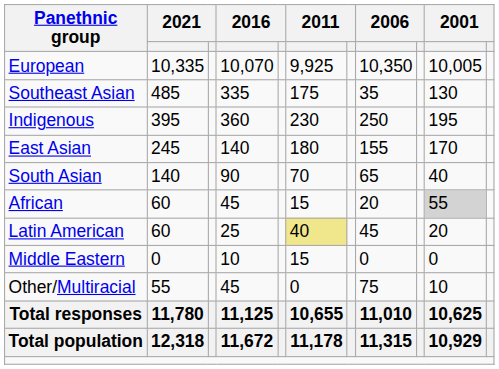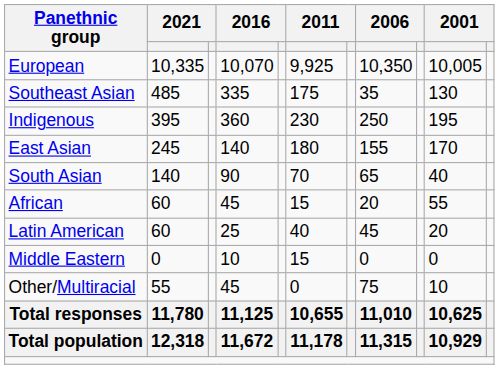 <table class="wikitable collapsible sortable">
 <tr>
 <th rowspan="2"><a href='#'>Panethnic</a><br>group</th>
 <th colspan="2">2021</th>
 <th colspan="2">2016</th>
 <th colspan="2">2011</th>
 <th colspan="2">2006</th>
 <th colspan="2">2001</th>
 </tr>
 <tr>
 <th><a href='#'></a></th>
 <th></th>
 <th></th>
 <th></th>
 <th></th>
 <th></th>
 <th></th>
 <th></th>
 <th></th>
 <th></th>
 </tr>
 <tr>
 <td><a href='#'>European</a></td>
 <td>10,335</td>
 <td></td>
 <td>10,070</td>
 <td></td>
 <td>9,925</td>
 <td></td>
 <td>10,350</td>
 <td></td>
 <td>10,005</td>
 <td></td>
 </tr>
 <tr>
 <td><a href='#'>Southeast Asian</a></td>
 <td>485</td>
 <td></td>
 <td>335</td>
 <td></td>
 <td>175</td>
 <td></td>
 <td>35</td>
 <td></td>
 <td>130</td>
 <td></td>
 </tr>
 <tr>
 <td><a href='#'>Indigenous</a></td>
 <td>395</td>
 <td></td>
 <td>360</td>
 <td></td>
 <td>230</td>
 <td></td>
 <td>250</td>
 <td></td>
 <td>195</td>
 <td></td>
 </tr>
 <tr>
 <td><a href='#'>East Asian</a></td>
 <td>245</td>
 <td></td>
 <td>140</td>
 <td></td>
 <td>180</td>
 <td></td>
 <td>155</td>
 <td></td>
 <td>170</td>
 <td></td>
 </tr>
 <tr>
 <td><a href='#'>South Asian</a></td>
 <td>140</td>
 <td></td>
 <td>90</td>
 <td></td>
 <td>70</td>
 <td></td>
 <td>65</td>
 <td></td>
 <td>40</td>
 <td></td>
 </tr>
 <tr>
 <td><a href='#'>African</a></td>
 <td>60</td>
 <td></td>
 <td>45</td>
 <td></td>
 <td>15</td>
 <td></td>
 <td>20</td>
 <td></td>
-<td style="background: lightgrey;">55</td>
+<td>55</td>
 <td></td>
 </tr>
 <tr>
 <td><a href='#'>Latin American</a></td>
 <td>60</td>
 <td></td>
 <td>25</td>
 <td></td>
-<td style="background: khaki;">40</td>
+<td>40</td>
 <td></td>
 <td>45</td>
 <td></td>
 <td>20</td>
 <td></td>
 </tr>
 <tr>
 <td><a href='#'>Middle Eastern</a></td>
 <td>0</td>
 <td></td>
 <td>10</td>
 <td></td>
 <td>15</td>
 <td></td>
 <td>0</td>
 <td></td>
 <td>0</td>
 <td></td>
 </tr>
 <tr>
 <td>Other/<a href='#'>Multiracial</a></td>
 <td>55</td>
 <td></td>
 <td>45</td>
 <td></td>
 <td>0</td>
 <td></td>
 <td>75</td>
 <td></td>
 <td>10</td>
 <td></td>
 </tr>
 <tr>
 <th>Total responses</th>
 <th>11,780</th>
 <th></th>
 <th>11,125</th>
 <th></th>
 <th>10,655</th>
 <th></th>
 <th>11,010</th>
 <th></th>
 <th>10,625</th>
 <th></th>
 </tr>
 <tr>
 <th>Total population</th>
 <th>12,318</th>
 <th></th>
 <th>11,672</th>
 <th></th>
 <th>11,178</th>
 <th></th>
 <th>11,315</th>
 <th></th>
 <th>10,929</th>
 <th></th>
 </tr>
 <tr class="sortbottom">
 <td colspan="15"></td>
 </tr>
 </table>
